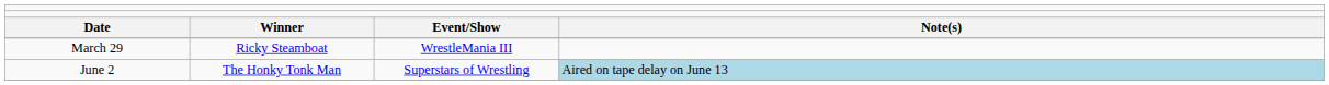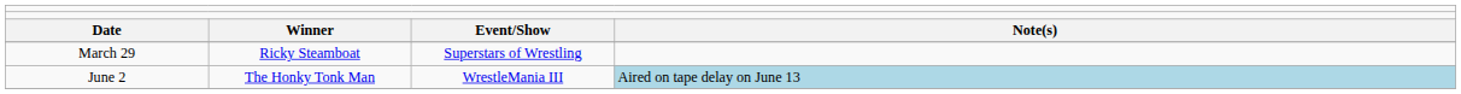 <table class="wikitable" style="text-align:center; width:100%;">
 <tr>
 <td colspan="5"></td>
 </tr>
 <tr>
 <td colspan="5"><strong></strong></td>
 </tr>
 <tr>
 <th width="14%">Date</th>
 <th width="14%">Winner</th>
 <th width="14%">Event/Show</th>
 <th width="58%">Note(s)</th>
 </tr>
 <tr>
 </tr>
 <tr>
 <td>March 29</td>
 <td><a href='#'>Ricky Steamboat</a></td>
-<td><a href='#'>WrestleMania III</a></td>
+<td><a href='#'>Superstars of Wrestling</a></td>
 <td align=left></td>
 </tr>
 <tr>
 <td>June 2</td>
 <td><a href='#'>The Honky Tonk Man</a></td>
-<td><a href='#'>Superstars of Wrestling</a></td>
+<td><a href='#'>WrestleMania III</a></td>
 <td align=left style="background: lightblue;">Aired on tape delay on June 13</td>
 </tr>
 <tr>
 </tr>
 </table>
